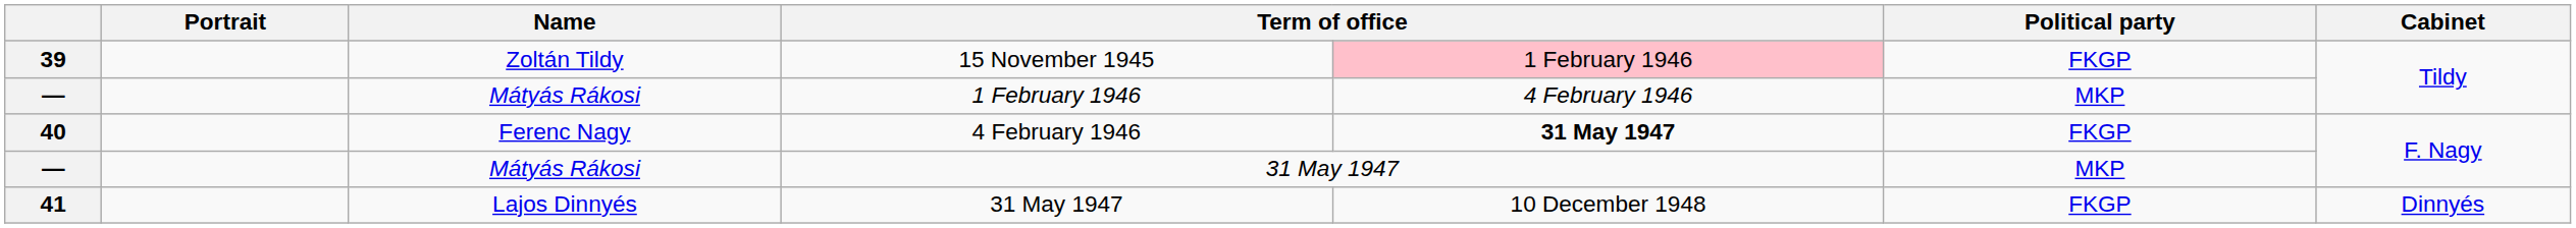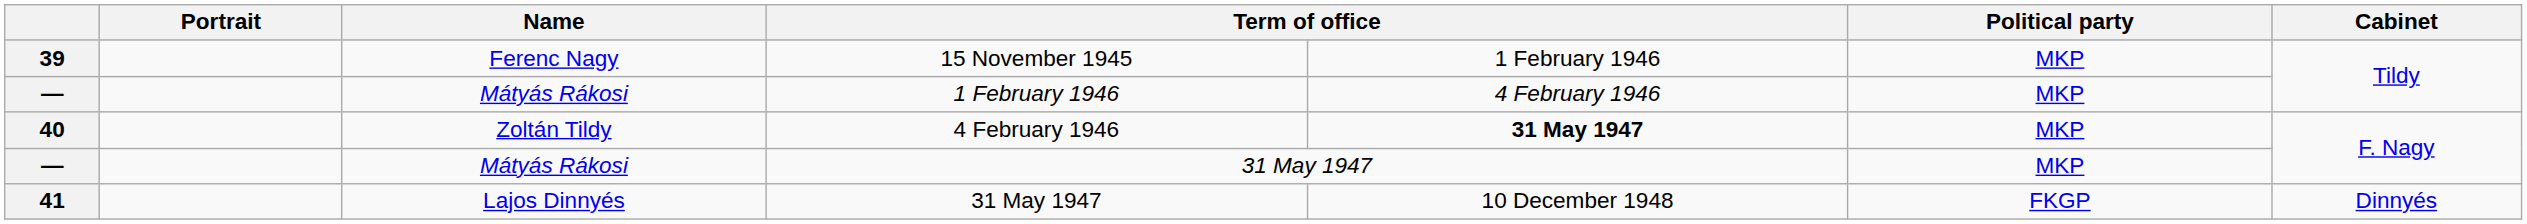 <table class="wikitable" style="width:90%; text-align:center;">
 <tr>
 <th></th>
 <th>Portrait</th>
 <th>Name<br></th>
 <th colspan=2>Term of office</th>
 <th>Political party</th>
 <th>Cabinet</th>
 </tr>
 <tr>
 <th style="background:">39</th>
 <td></td>
-<td><a href='#'>Zoltán Tildy</a><br></td>
+<td><a href='#'>Ferenc Nagy</a><br></td>
 <td>15 November 1945</td>
-<td style="background: pink;">1 February 1946</td>
-<td><a href='#'>FKGP</a></td>
+<td>1 February 1946</td>
+<td><a href='#'>MKP</a></td>
 <td rowspan=2><a href='#'>Tildy</a><br></td>
 </tr>
 <tr>
 <th style="background:">—</th>
 <td></td>
 <td><em><a href='#'>Mátyás Rákosi</a></em><br></td>
 <td><em>1 February 1946</em></td>
 <td><em>4 February 1946</em></td>
 <td><a href='#'>MKP</a></td>
 </tr>
 <tr>
 <th style="background:">40</th>
 <td></td>
-<td><a href='#'>Ferenc Nagy</a><br></td>
+<td><a href='#'>Zoltán Tildy</a><br></td>
 <td>4 February 1946</td>
 <td><strong>31 May 1947</strong></td>
-<td><a href='#'>FKGP</a></td>
+<td><a href='#'>MKP</a></td>
 <td rowspan=2><a href='#'>F. Nagy</a><br></td>
 </tr>
 <tr>
 <th style="background:">—</th>
 <td></td>
 <td><em><a href='#'>Mátyás Rákosi</a></em><br></td>
 <td colspan=2><em>31 May 1947</em></td>
 <td><a href='#'>MKP</a></td>
 </tr>
 <tr>
 <th rowspan=2 style="background:">41</th>
 <td rowspan=2></td>
 <td rowspan=2><a href='#'>Lajos Dinnyés</a><br></td>
 <td rowspan=2>31 May 1947</td>
 <td rowspan=2>10 December 1948</td>
 <td rowspan=2><a href='#'>FKGP</a></td>
 <td rowspan=2><a href='#'>Dinnyés</a><br></td>
 </tr>
 </table>
